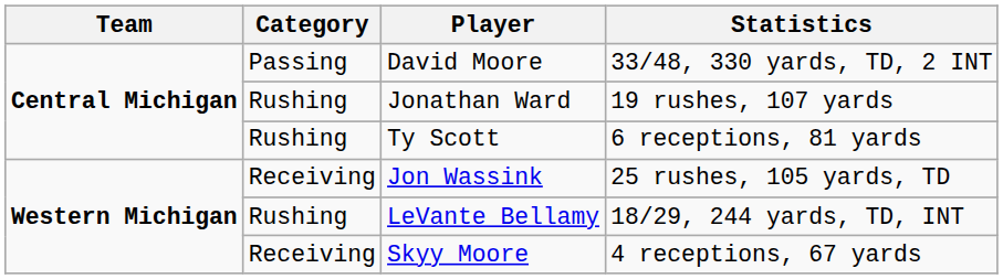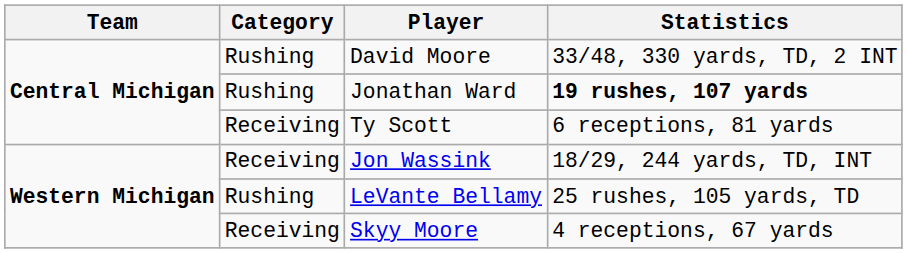 <table class="wikitable" style="float: left;">
 <tr>
 <th>Team</th>
 <th>Category</th>
 <th>Player</th>
 <th>Statistics</th>
 </tr>
 <tr>
 <td rowspan=3><strong>Central Michigan</strong></td>
-<td>Passing</td>
+<td>Rushing</td>
 <td>David Moore</td>
 <td>33/48, 330 yards, TD, 2 INT</td>
 </tr>
 <tr>
 <td>Rushing</td>
 <td>Jonathan Ward</td>
-<td>19 rushes, 107 yards</td>
+<td><strong>19 rushes, 107 yards</strong></td>
 </tr>
 <tr>
-<td>Rushing</td>
+<td>Receiving</td>
 <td>Ty Scott</td>
 <td>6 receptions, 81 yards</td>
 </tr>
 <tr>
 <td rowspan=3><strong>Western Michigan</strong></td>
 <td>Receiving</td>
 <td><a href='#'>Jon Wassink</a></td>
-<td>25 rushes, 105 yards, TD</td>
+<td>18/29, 244 yards, TD, INT</td>
 </tr>
 <tr>
 <td>Rushing</td>
 <td><a href='#'>LeVante Bellamy</a></td>
-<td>18/29, 244 yards, TD, INT</td>
+<td>25 rushes, 105 yards, TD</td>
 </tr>
 <tr>
 <td>Receiving</td>
 <td><a href='#'>Skyy Moore</a></td>
 <td>4 receptions, 67 yards</td>
 </tr>
 </table>
